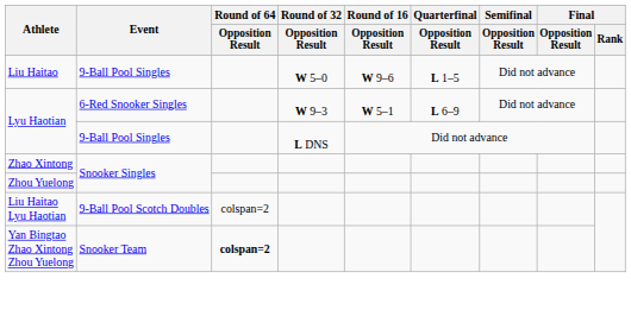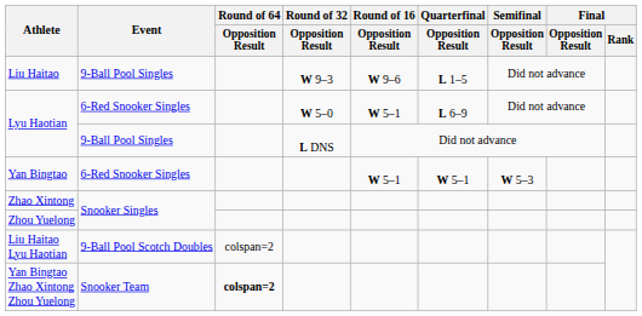 <table class="wikitable" style="font-size:90%">
 <tr>
 <th rowspan=2>Athlete</th>
 <th rowspan=2>Event</th>
 <th>Round of 64</th>
 <th>Round of 32</th>
 <th>Round of 16</th>
 <th>Quarterfinal</th>
 <th>Semifinal</th>
 <th colspan=2>Final</th>
 </tr>
 <tr style="font-size: 95%">
 <th>Opposition<br>Result</th>
 <th>Opposition<br>Result</th>
 <th>Opposition<br>Result</th>
 <th>Opposition<br>Result</th>
 <th>Opposition<br>Result</th>
 <th>Opposition<br>Result</th>
 <th>Rank</th>
 </tr>
 <tr align=center>
 <td align=left><a href='#'>Liu Haitao</a></td>
 <td align=left><a href='#'>9-Ball Pool Singles</a></td>
 <td></td>
-<td><br><strong>W</strong> 5–0</td>
+<td><br><strong>W</strong> 9–3</td>
 <td><br><strong>W</strong> 9–6</td>
 <td><br><strong>L</strong> 1–5</td>
 <td colspan=2>Did not advance</td>
 <td></td>
 </tr>
 <tr align=center>
 <td align=left rowspan=2><a href='#'>Lyu Haotian</a></td>
 <td align=left><a href='#'>6-Red Snooker Singles</a></td>
 <td></td>
-<td><br><strong>W</strong> 9–3</td>
+<td><br><strong>W</strong> 5–0</td>
 <td><br><strong>W</strong> 5–1</td>
 <td><br><strong>L</strong> 6–9</td>
 <td colspan=2>Did not advance</td>
 <td></td>
 </tr>
 <tr align=center>
 <td align=left><a href='#'>9-Ball Pool Singles</a></td>
 <td></td>
 <td><br><strong>L</strong> DNS</td>
 <td colspan=4>Did not advance</td>
+<td></td>
+</tr>
+<tr align=center>
+<td align=left><a href='#'>Yan Bingtao</a></td>
+<td align=left><a href='#'>6-Red Snooker Singles</a></td>
+<td></td>
+<td></td>
+<td><br><strong>W</strong> 5–1</td>
+<td><br><strong>W</strong> 5–1</td>
+<td><br><strong>W</strong> 5–3</td>
+<td><br></td>
 <td></td>
 </tr>
 <tr align=center>
 <td align=left><a href='#'>Zhao Xintong</a></td>
 <td align=left rowspan=2><a href='#'>Snooker Singles</a></td>
 <td></td>
 <td></td>
 <td></td>
 <td></td>
 <td></td>
 <td></td>
 <td></td>
 </tr>
 <tr align=center>
 <td align=left><a href='#'>Zhou Yuelong</a></td>
 <td></td>
 <td></td>
 <td></td>
 <td></td>
 <td></td>
 <td></td>
 <td></td>
 </tr>
 <tr align=center>
 <td align=left><a href='#'>Liu Haitao</a><br><a href='#'>Lyu Haotian</a></td>
 <td align=left><a href='#'>9-Ball Pool Scotch Doubles</a></td>
 <td>colspan=2 </td>
 <td></td>
 <td></td>
 <td></td>
 <td></td>
 <td></td>
 </tr>
 <tr align=center>
 <td align=left><a href='#'>Yan Bingtao</a><br><a href='#'>Zhao Xintong</a><br><a href='#'>Zhou Yuelong</a></td>
 <td align=left><a href='#'>Snooker Team</a></td>
 <td><strong>colspan=2 </strong></td>
 <td></td>
 <td></td>
 <td></td>
 <td></td>
 <td></td>
 </tr>
 </table>
